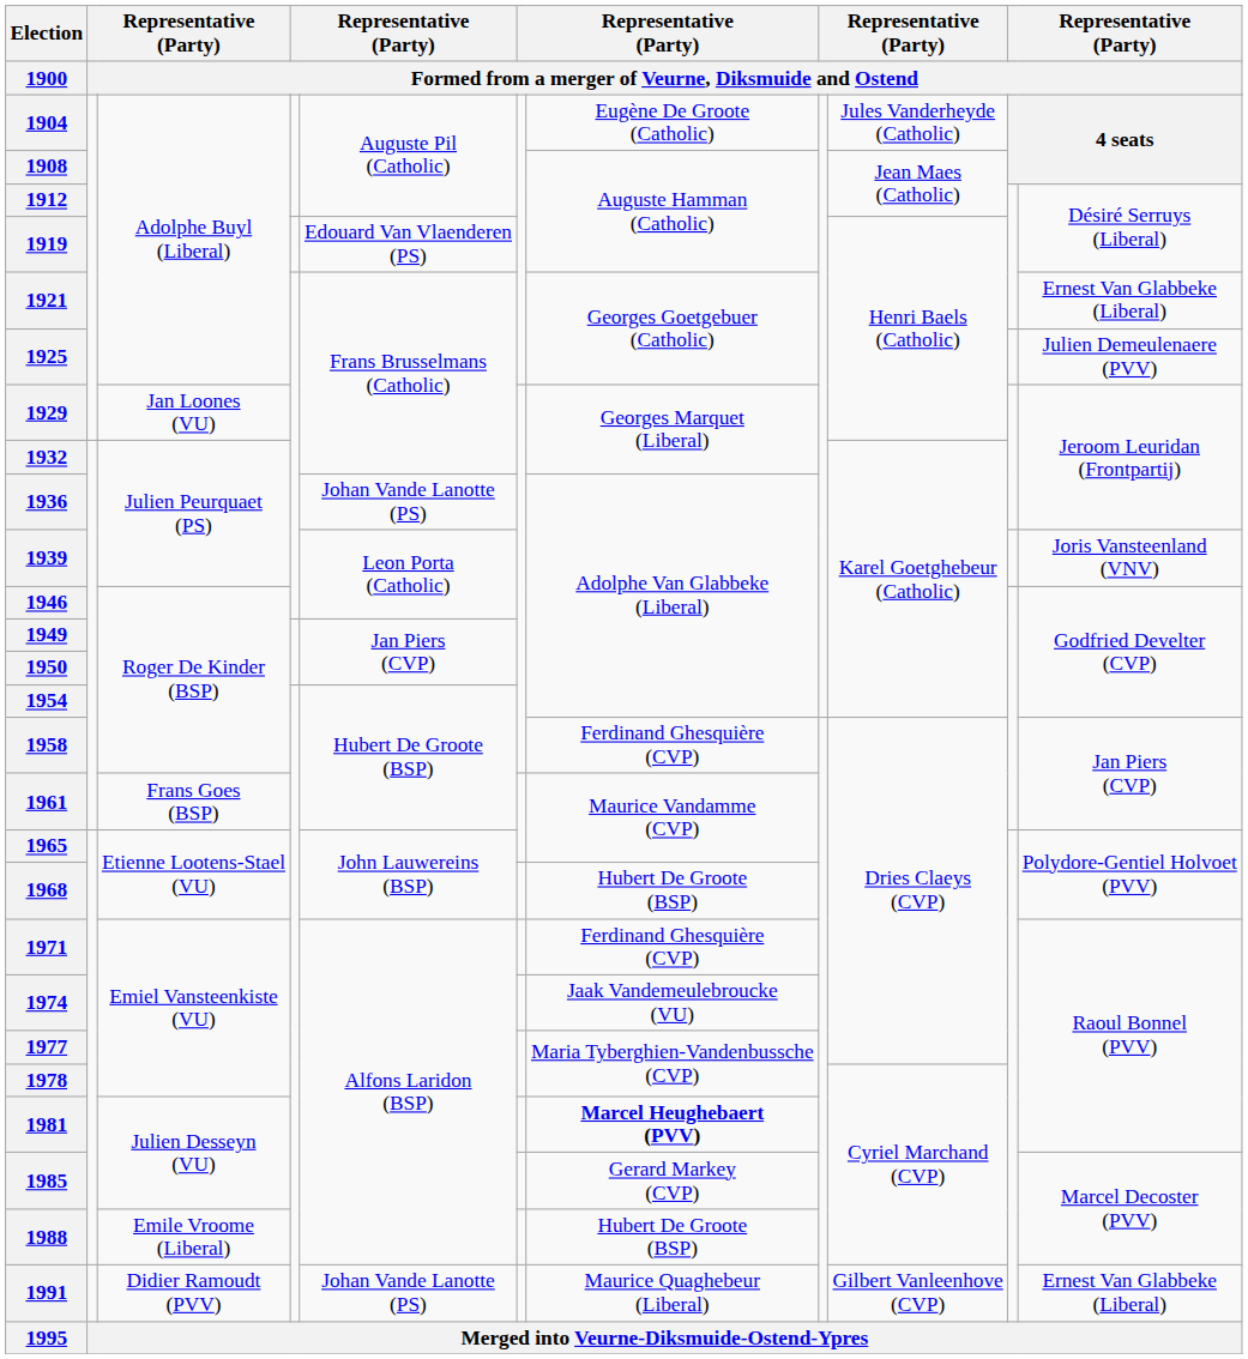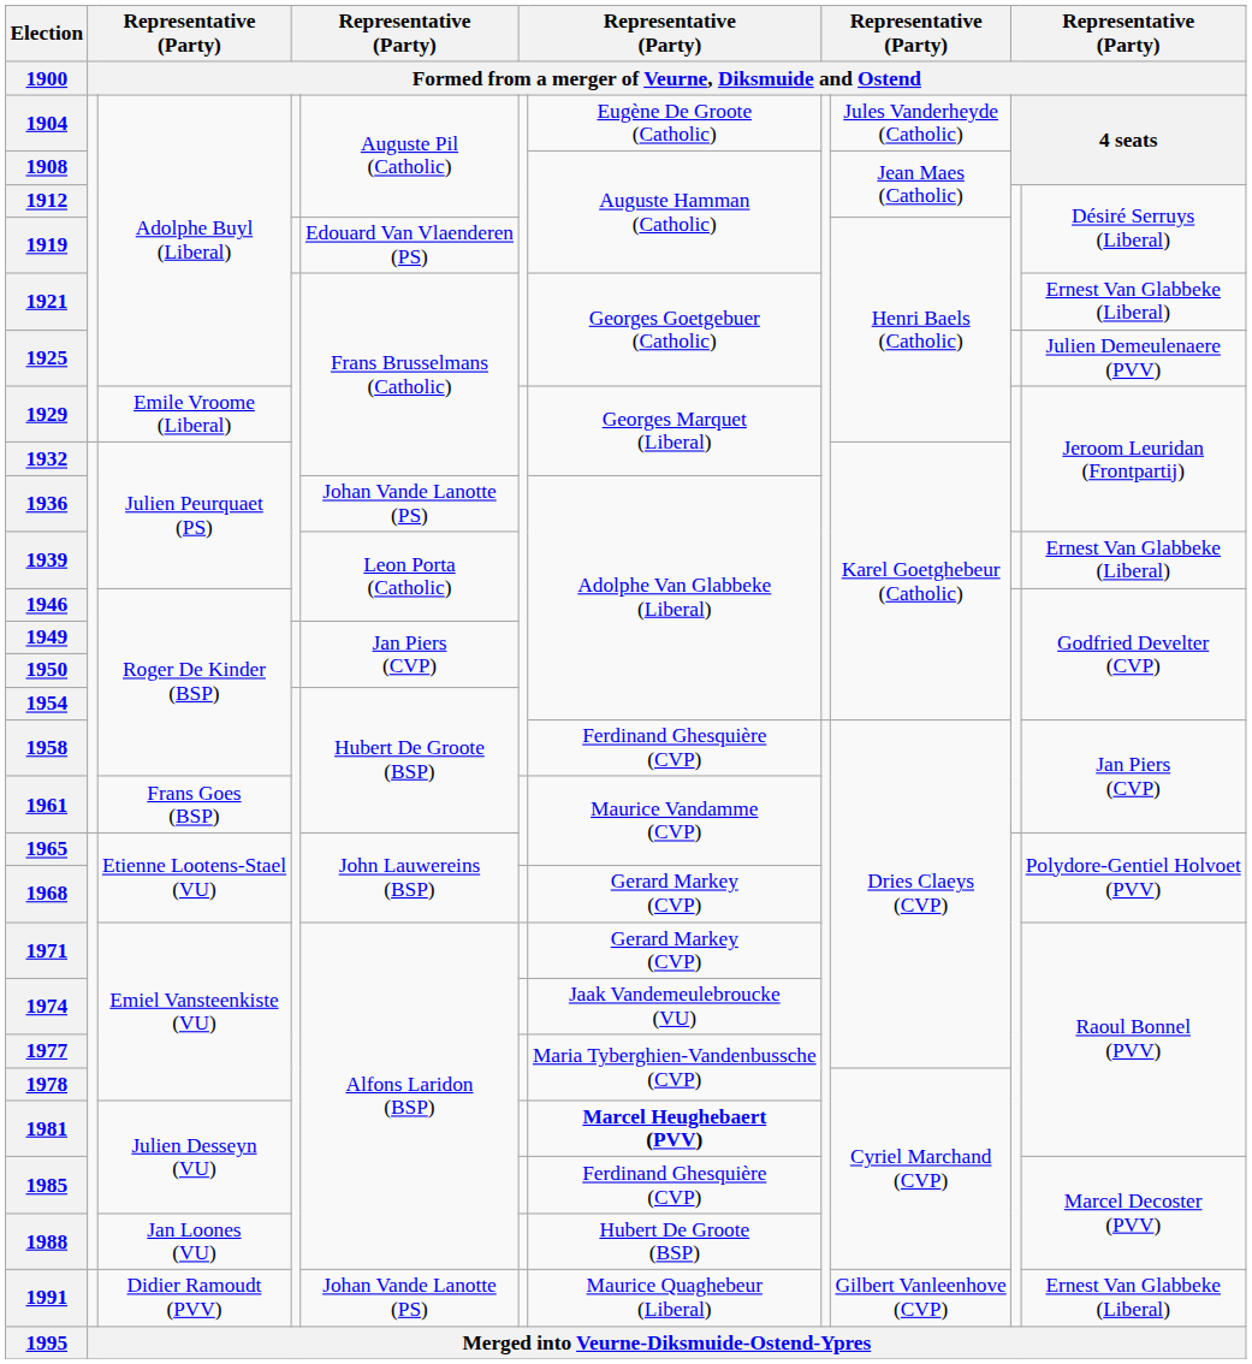 <table class="wikitable" style="text-align:center">
 <tr>
 <th>Election</th>
 <th colspan=2>Representative<br>(Party)</th>
 <th colspan=2>Representative<br>(Party)</th>
 <th colspan=2>Representative<br>(Party)</th>
 <th colspan=2>Representative<br>(Party)</th>
 <th colspan=2>Representative<br>(Party)</th>
 </tr>
 <tr>
 <th rowspan=2><a href='#'>1900</a></th>
 <th colspan=10>Formed from a merger of <a href='#'>Veurne</a>, <a href='#'>Diksmuide</a> and <a href='#'>Ostend</a></th>
 </tr>
 <tr>
 <td rowspan=8; style="background-color: "></td>
 <td rowspan=7><a href='#'>Adolphe Buyl</a><br>(<a href='#'>Liberal</a>)</td>
 <td rowspan=4; style="background-color: "></td>
 <td rowspan=4><a href='#'>Auguste Pil</a><br>(<a href='#'>Catholic</a>)</td>
 <td rowspan=7; style="background-color: "></td>
 <td rowspan=2><a href='#'>Eugène De Groote</a><br>(<a href='#'>Catholic</a>)</td>
 <td rowspan=15; style="background-color: "></td>
 <td rowspan=2><a href='#'>Jules Vanderheyde</a><br>(<a href='#'>Catholic</a>)</td>
 <th colspan=2; rowspan=3>4 seats</th>
 </tr>
 <tr>
 <th><a href='#'>1904</a></th>
 </tr>
 <tr>
 <th><a href='#'>1908</a></th>
 <td rowspan=3><a href='#'>Auguste Hamman</a><br>(<a href='#'>Catholic</a>)</td>
 <td rowspan=2><a href='#'>Jean Maes</a><br>(<a href='#'>Catholic</a>)</td>
 </tr>
 <tr>
 <th><a href='#'>1912</a></th>
 <td rowspan=3; style="background-color: "></td>
 <td rowspan=2><a href='#'>Désiré Serruys</a><br>(<a href='#'>Liberal</a>)</td>
 </tr>
 <tr>
 <th><a href='#'>1919</a></th>
 <td rowspan=1; style="background-color: "></td>
 <td rowspan=1><a href='#'>Edouard Van Vlaenderen</a><br>(<a href='#'>PS</a>)</td>
 <td rowspan=4><a href='#'>Henri Baels</a><br>(<a href='#'>Catholic</a>)</td>
 </tr>
 <tr>
 <th><a href='#'>1921</a></th>
 <td rowspan=7; style="background-color: "></td>
 <td rowspan=4><a href='#'>Frans Brusselmans</a><br>(<a href='#'>Catholic</a>)</td>
 <td rowspan=2><a href='#'>Georges Goetgebuer</a><br>(<a href='#'>Catholic</a>)</td>
 <td rowspan=1><a href='#'>Ernest Van Glabbeke</a><br>(<a href='#'>Liberal</a>)</td>
 </tr>
 <tr>
 <th><a href='#'>1925</a></th>
 <td rowspan=1; style="background-color: "></td>
 <td rowspan=1><a href='#'>Julien Demeulenaere</a><br>(<a href='#'>PVV</a>)</td>
 </tr>
 <tr>
 <th><a href='#'>1929</a></th>
-<td rowspan=1><a href='#'>Jan Loones</a><br>(<a href='#'>VU</a>)</td>
+<td rowspan=1><a href='#'>Emile Vroome</a><br>(<a href='#'>Liberal</a>)</td>
 <td rowspan=9; style="background-color: "></td>
 <td rowspan=2><a href='#'>Georges Marquet</a><br>(<a href='#'>Liberal</a>)</td>
 <td rowspan=3; style="background-color: "></td>
 <td rowspan=3><a href='#'>Jeroom Leuridan</a><br>(<a href='#'>Frontpartij</a>)</td>
 </tr>
 <tr>
 <th><a href='#'>1932</a></th>
 <td rowspan=9; style="background-color: "></td>
 <td rowspan=3><a href='#'>Julien Peurquaet</a><br>(<a href='#'>PS</a>)</td>
 <td rowspan=7><a href='#'>Karel Goetghebeur</a><br>(<a href='#'>Catholic</a>)</td>
 </tr>
 <tr>
 <th><a href='#'>1936</a></th>
 <td rowspan=1><a href='#'>Johan Vande Lanotte</a><br>(<a href='#'>PS</a>)</td>
 <td rowspan=6><a href='#'>Adolphe Van Glabbeke</a><br>(<a href='#'>Liberal</a>)</td>
 </tr>
 <tr>
 <th><a href='#'>1939</a></th>
 <td rowspan=2><a href='#'>Leon Porta</a><br>(<a href='#'>Catholic</a>)</td>
 <td rowspan=1; style="background-color: "></td>
-<td rowspan=1><a href='#'>Joris Vansteenland</a><br>(<a href='#'>VNV</a>)</td>
+<td rowspan=1><a href='#'>Ernest Van Glabbeke</a><br>(<a href='#'>Liberal</a>)</td>
 </tr>
 <tr>
 <th><a href='#'>1946</a></th>
 <td rowspan=5><a href='#'>Roger De Kinder</a><br>(<a href='#'>BSP</a>)</td>
 <td rowspan=6; style="background-color: "></td>
 <td rowspan=4><a href='#'>Godfried Develter</a><br>(<a href='#'>CVP</a>)</td>
 </tr>
 <tr>
 <th><a href='#'>1949</a></th>
 <td rowspan=2; style="background-color: "></td>
 <td rowspan=2><a href='#'>Jan Piers</a><br>(<a href='#'>CVP</a>)</td>
 </tr>
 <tr>
 <th><a href='#'>1950</a></th>
 </tr>
 <tr>
 <th><a href='#'>1954</a></th>
 <td rowspan=13; style="background-color: "></td>
 <td rowspan=3><a href='#'>Hubert De Groote</a><br>(<a href='#'>BSP</a>)</td>
 </tr>
 <tr>
 <th><a href='#'>1958</a></th>
 <td rowspan=1><a href='#'>Ferdinand Ghesquière</a><br>(<a href='#'>CVP</a>)</td>
 <td rowspan=12; style="background-color: "></td>
 <td rowspan=7><a href='#'>Dries Claeys</a><br>(<a href='#'>CVP</a>)</td>
 <td rowspan=2><a href='#'>Jan Piers</a><br>(<a href='#'>CVP</a>)</td>
 </tr>
 <tr>
 <th><a href='#'>1961</a></th>
 <td rowspan=1><a href='#'>Frans Goes</a><br>(<a href='#'>BSP</a>)</td>
 <td rowspan=2; style="background-color: "></td>
 <td rowspan=2><a href='#'>Maurice Vandamme</a><br>(<a href='#'>CVP</a>)</td>
 </tr>
 <tr>
 <th><a href='#'>1965</a></th>
 <td rowspan=9; style="background-color: "></td>
 <td rowspan=2><a href='#'>Etienne Lootens-Stael</a><br>(<a href='#'>VU</a>)</td>
 <td rowspan=2><a href='#'>John Lauwereins</a><br>(<a href='#'>BSP</a>)</td>
 <td rowspan=10; style="background-color: "></td>
 <td rowspan=2><a href='#'>Polydore-Gentiel Holvoet</a><br>(<a href='#'>PVV</a>)</td>
 </tr>
 <tr>
 <th><a href='#'>1968</a></th>
 <td rowspan=1; style="background-color: "></td>
-<td rowspan=1><a href='#'>Hubert De Groote</a><br>(<a href='#'>BSP</a>)</td>
+<td rowspan=1><a href='#'>Gerard Markey</a><br>(<a href='#'>CVP</a>)</td>
 </tr>
 <tr>
 <th><a href='#'>1971</a></th>
 <td rowspan=4><a href='#'>Emiel Vansteenkiste</a><br>(<a href='#'>VU</a>)</td>
 <td rowspan=7><a href='#'>Alfons Laridon</a><br>(<a href='#'>BSP</a>)</td>
 <td rowspan=1; style="background-color: "></td>
-<td rowspan=1><a href='#'>Ferdinand Ghesquière</a><br>(<a href='#'>CVP</a>)</td>
+<td rowspan=1><a href='#'>Gerard Markey</a><br>(<a href='#'>CVP</a>)</td>
 <td rowspan=5><a href='#'>Raoul Bonnel</a><br>(<a href='#'>PVV</a>)</td>
 </tr>
 <tr>
 <th><a href='#'>1974</a></th>
 <td rowspan=1; style="background-color: "></td>
 <td rowspan=1><a href='#'>Jaak Vandemeulebroucke</a><br>(<a href='#'>VU</a>)</td>
 </tr>
 <tr>
 <th><a href='#'>1977</a></th>
 <td rowspan=2; style="background-color: "></td>
 <td rowspan=2><a href='#'>Maria Tyberghien-Vandenbussche</a><br>(<a href='#'>CVP</a>)</td>
 </tr>
 <tr>
 <th><a href='#'>1978</a></th>
 <td rowspan=4><a href='#'>Cyriel Marchand</a><br>(<a href='#'>CVP</a>)</td>
 </tr>
 <tr>
 <th><a href='#'>1981</a></th>
 <td rowspan=2><a href='#'>Julien Desseyn</a><br>(<a href='#'>VU</a>)</td>
 <td rowspan=1; style="background-color: "></td>
 <td rowspan=1><strong><a href='#'>Marcel Heughebaert</a><br>(<a href='#'>PVV</a>)</strong></td>
 </tr>
 <tr>
 <th><a href='#'>1985</a></th>
 <td rowspan=1; style="background-color: "></td>
-<td rowspan=1><a href='#'>Gerard Markey</a><br>(<a href='#'>CVP</a>)</td>
+<td rowspan=1><a href='#'>Ferdinand Ghesquière</a><br>(<a href='#'>CVP</a>)</td>
 <td rowspan=2><a href='#'>Marcel Decoster</a><br>(<a href='#'>PVV</a>)</td>
 </tr>
 <tr>
 <th><a href='#'>1988</a></th>
-<td rowspan=1><a href='#'>Emile Vroome</a><br>(<a href='#'>Liberal</a>)</td>
+<td rowspan=1><a href='#'>Jan Loones</a><br>(<a href='#'>VU</a>)</td>
 <td rowspan=1; style="background-color: "></td>
 <td rowspan=1><a href='#'>Hubert De Groote</a><br>(<a href='#'>BSP</a>)</td>
 </tr>
 <tr>
 <th><a href='#'>1991</a></th>
 <td rowspan=1; style="background-color: "></td>
 <td rowspan=1><a href='#'>Didier Ramoudt</a><br>(<a href='#'>PVV</a>)</td>
 <td rowspan=1><a href='#'>Johan Vande Lanotte</a><br>(<a href='#'>PS</a>)</td>
 <td rowspan=1; style="background-color: "></td>
 <td rowspan=1><a href='#'>Maurice Quaghebeur</a><br>(<a href='#'>Liberal</a>)</td>
 <td rowspan=1><a href='#'>Gilbert Vanleenhove</a><br>(<a href='#'>CVP</a>)</td>
 <td rowspan=1><a href='#'>Ernest Van Glabbeke</a><br>(<a href='#'>Liberal</a>)</td>
 </tr>
 <tr>
 <th><a href='#'>1995</a></th>
 <th colspan=10>Merged into <a href='#'>Veurne-Diksmuide-Ostend-Ypres</a></th>
 </tr>
 </table>
